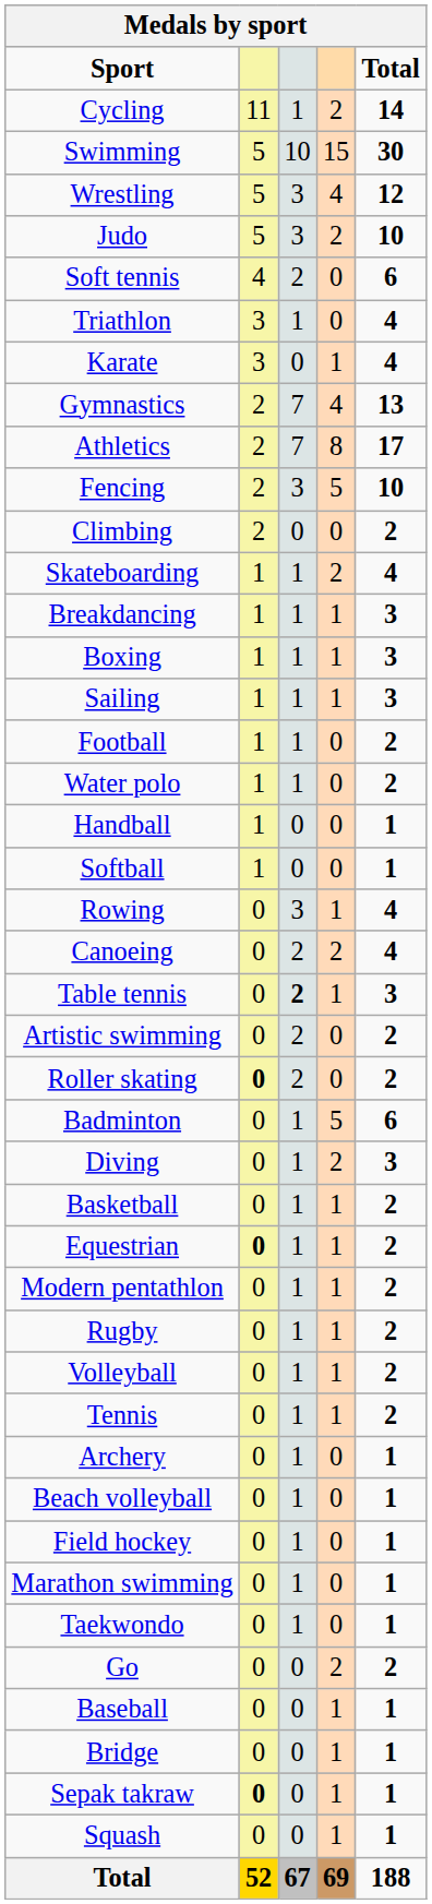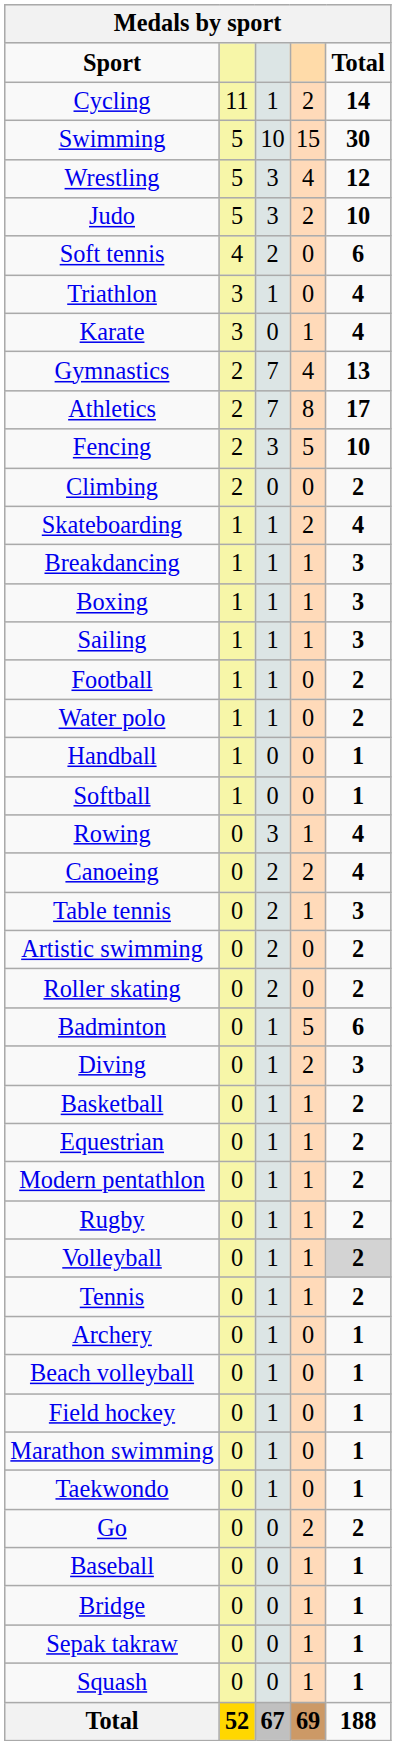 <table class=wikitable style="text-align:center">
 <tr style="background:#EFEFEF">
 <th colspan=7>Medals by sport</th>
 </tr>
 <tr>
 <td><strong>Sport</strong></td>
 <td style="background:#F7F6A8"></td>
 <td style="background:#DCE5E5"></td>
 <td style="background:#FFDBA9"></td>
 <td><strong>Total</strong></td>
 </tr>
 <tr>
 <td><a href='#'>Cycling</a></td>
 <td style="background:#F7F6A8">11</td>
 <td style="background:#DCE5E5">1</td>
 <td style="background:#FFDAB9">2</td>
 <td><strong>14</strong></td>
 </tr>
 <tr>
 <td><a href='#'>Swimming</a></td>
 <td style="background:#F7F6A8">5</td>
 <td style="background:#DCE5E5">10</td>
 <td style="background:#FFDAB9">15</td>
 <td><strong>30</strong></td>
 </tr>
 <tr>
 <td><a href='#'>Wrestling</a></td>
 <td style="background:#F7F6A8">5</td>
 <td style="background:#DCE5E5">3</td>
 <td style="background:#FFDAB9">4</td>
 <td><strong>12</strong></td>
 </tr>
 <tr>
 <td><a href='#'>Judo</a></td>
 <td style="background:#F7F6A8">5</td>
 <td style="background:#DCE5E5">3</td>
 <td style="background:#FFDAB9">2</td>
 <td><strong>10</strong></td>
 </tr>
 <tr>
 <td><a href='#'>Soft tennis</a></td>
 <td style="background:#F7F6A8">4</td>
 <td style="background:#DCE5E5">2</td>
 <td style="background:#FFDAB9">0</td>
 <td><strong>6</strong></td>
 </tr>
 <tr>
 <td><a href='#'>Triathlon</a></td>
 <td style="background:#F7F6A8">3</td>
 <td style="background:#DCE5E5">1</td>
 <td style="background:#FFDAB9">0</td>
 <td><strong>4</strong></td>
 </tr>
 <tr>
 <td><a href='#'>Karate</a></td>
 <td style="background:#F7F6A8">3</td>
 <td style="background:#DCE5E5">0</td>
 <td style="background:#FFDAB9">1</td>
 <td><strong>4</strong></td>
 </tr>
 <tr>
 <td><a href='#'>Gymnastics</a></td>
 <td style="background:#F7F6A8">2</td>
 <td style="background:#DCE5E5">7</td>
 <td style="background:#FFDAB9">4</td>
 <td><strong>13</strong></td>
 </tr>
 <tr>
 <td><a href='#'>Athletics</a></td>
 <td style="background:#F7F6A8">2</td>
 <td style="background:#DCE5E5">7</td>
 <td style="background:#FFDAB9">8</td>
 <td><strong>17</strong></td>
 </tr>
 <tr>
 <td><a href='#'>Fencing</a></td>
 <td style="background:#F7F6A8">2</td>
 <td style="background:#DCE5E5">3</td>
 <td style="background:#FFDAB9">5</td>
 <td><strong>10</strong></td>
 </tr>
 <tr>
 <td><a href='#'>Climbing</a></td>
 <td style="background:#F7F6A8">2</td>
 <td style="background:#DCE5E5">0</td>
 <td style="background:#FFDAB9">0</td>
 <td><strong>2</strong></td>
 </tr>
 <tr>
 <td><a href='#'>Skateboarding</a></td>
 <td style="background:#F7F6A8">1</td>
 <td style="background:#DCE5E5">1</td>
 <td style="background:#FFDAB9">2</td>
 <td><strong>4</strong></td>
 </tr>
 <tr>
 <td><a href='#'>Breakdancing</a></td>
 <td style="background:#F7F6A8">1</td>
 <td style="background:#DCE5E5">1</td>
 <td style="background:#FFDAB9">1</td>
 <td><strong>3</strong></td>
 </tr>
 <tr>
 <td><a href='#'>Boxing</a></td>
 <td style="background:#F7F6A8">1</td>
 <td style="background:#DCE5E5">1</td>
 <td style="background:#FFDAB9">1</td>
 <td><strong>3</strong></td>
 </tr>
 <tr>
 <td><a href='#'>Sailing</a></td>
 <td style="background:#F7F6A8">1</td>
 <td style="background:#DCE5E5">1</td>
 <td style="background:#FFDAB9">1</td>
 <td><strong>3</strong></td>
 </tr>
 <tr>
 <td><a href='#'>Football</a></td>
 <td style="background:#F7F6A8">1</td>
 <td style="background:#DCE5E5">1</td>
 <td style="background:#FFDAB9">0</td>
 <td><strong>2</strong></td>
 </tr>
 <tr>
 <td><a href='#'>Water polo</a></td>
 <td style="background:#F7F6A8">1</td>
 <td style="background:#DCE5E5">1</td>
 <td style="background:#FFDAB9">0</td>
 <td><strong>2</strong></td>
 </tr>
 <tr>
 <td><a href='#'>Handball</a></td>
 <td style="background:#F7F6A8">1</td>
 <td style="background:#DCE5E5">0</td>
 <td style="background:#FFDAB9">0</td>
 <td><strong>1</strong></td>
 </tr>
 <tr>
 <td><a href='#'>Softball</a></td>
 <td style="background:#F7F6A8">1</td>
 <td style="background:#DCE5E5">0</td>
 <td style="background:#FFDAB9">0</td>
 <td><strong>1</strong></td>
 </tr>
 <tr>
 <td><a href='#'>Rowing</a></td>
 <td style="background:#F7F6A8">0</td>
 <td style="background:#DCE5E5">3</td>
 <td style="background:#FFDAB9">1</td>
 <td><strong>4</strong></td>
 </tr>
 <tr>
 <td><a href='#'>Canoeing</a></td>
 <td style="background:#F7F6A8">0</td>
 <td style="background:#DCE5E5">2</td>
 <td style="background:#FFDAB9">2</td>
 <td><strong>4</strong></td>
 </tr>
 <tr>
 <td><a href='#'>Table tennis</a></td>
 <td style="background:#F7F6A8">0</td>
-<td style="background:#DCE5E5"><strong>2</strong></td>
+<td style="background:#DCE5E5">2</td>
 <td style="background:#FFDAB9">1</td>
 <td><strong>3</strong></td>
 </tr>
 <tr>
 <td><a href='#'>Artistic swimming</a></td>
 <td style="background:#F7F6A8">0</td>
 <td style="background:#DCE5E5">2</td>
 <td style="background:#FFDAB9">0</td>
 <td><strong>2</strong></td>
 </tr>
 <tr>
 <td><a href='#'>Roller skating</a></td>
-<td style="background:#F7F6A8"><strong>0</strong></td>
+<td style="background:#F7F6A8">0</td>
 <td style="background:#DCE5E5">2</td>
 <td style="background:#FFDAB9">0</td>
 <td><strong>2</strong></td>
 </tr>
 <tr>
 <td><a href='#'>Badminton</a></td>
 <td style="background:#F7F6A8">0</td>
 <td style="background:#DCE5E5">1</td>
 <td style="background:#FFDAB9">5</td>
 <td><strong>6</strong></td>
 </tr>
 <tr>
 <td><a href='#'>Diving</a></td>
 <td style="background:#F7F6A8">0</td>
 <td style="background:#DCE5E5">1</td>
 <td style="background:#FFDAB9">2</td>
 <td><strong>3</strong></td>
 </tr>
 <tr>
 <td><a href='#'>Basketball</a></td>
 <td style="background:#F7F6A8">0</td>
 <td style="background:#DCE5E5">1</td>
 <td style="background:#FFDAB9">1</td>
 <td><strong>2</strong></td>
 </tr>
 <tr>
 <td><a href='#'>Equestrian</a></td>
-<td style="background:#F7F6A8"><strong>0</strong></td>
+<td style="background:#F7F6A8">0</td>
 <td style="background:#DCE5E5">1</td>
 <td style="background:#FFDAB9">1</td>
 <td><strong>2</strong></td>
 </tr>
 <tr>
 <td><a href='#'>Modern pentathlon</a></td>
 <td style="background:#F7F6A8">0</td>
 <td style="background:#DCE5E5">1</td>
 <td style="background:#FFDAB9">1</td>
 <td><strong>2</strong></td>
 </tr>
 <tr>
 <td><a href='#'>Rugby</a></td>
 <td style="background:#F7F6A8">0</td>
 <td style="background:#DCE5E5">1</td>
 <td style="background:#FFDAB9">1</td>
 <td><strong>2</strong></td>
 </tr>
 <tr>
 <td><a href='#'>Volleyball</a></td>
 <td style="background:#F7F6A8">0</td>
 <td style="background:#DCE5E5">1</td>
 <td style="background:#FFDAB9">1</td>
-<td><strong>2</strong></td>
+<td style="background: lightgrey;"><strong>2</strong></td>
 </tr>
 <tr>
 <td><a href='#'>Tennis</a></td>
 <td style="background:#F7F6A8">0</td>
 <td style="background:#DCE5E5">1</td>
 <td style="background:#FFDAB9">1</td>
 <td><strong>2</strong></td>
 </tr>
 <tr>
 <td><a href='#'>Archery</a></td>
 <td style="background:#F7F6A8">0</td>
 <td style="background:#DCE5E5">1</td>
 <td style="background:#FFDAB9">0</td>
 <td><strong>1</strong></td>
 </tr>
 <tr>
 <td><a href='#'>Beach volleyball</a></td>
 <td style="background:#F7F6A8">0</td>
 <td style="background:#DCE5E5">1</td>
 <td style="background:#FFDAB9">0</td>
 <td><strong>1</strong></td>
 </tr>
 <tr>
 <td><a href='#'>Field hockey</a></td>
 <td style="background:#F7F6A8">0</td>
 <td style="background:#DCE5E5">1</td>
 <td style="background:#FFDAB9">0</td>
 <td><strong>1</strong></td>
 </tr>
 <tr>
 <td><a href='#'>Marathon swimming</a></td>
 <td style="background:#F7F6A8">0</td>
 <td style="background:#DCE5E5">1</td>
 <td style="background:#FFDAB9">0</td>
 <td><strong>1</strong></td>
 </tr>
 <tr>
 <td><a href='#'>Taekwondo</a></td>
 <td style="background:#F7F6A8">0</td>
 <td style="background:#DCE5E5">1</td>
 <td style="background:#FFDAB9">0</td>
 <td><strong>1</strong></td>
 </tr>
 <tr>
 <td><a href='#'>Go</a></td>
 <td style="background:#F7F6A8">0</td>
 <td style="background:#DCE5E5">0</td>
 <td style="background:#FFDAB9">2</td>
 <td><strong>2</strong></td>
 </tr>
 <tr>
 <td><a href='#'>Baseball</a></td>
 <td style="background:#F7F6A8">0</td>
 <td style="background:#DCE5E5">0</td>
 <td style="background:#FFDAB9">1</td>
 <td><strong>1</strong></td>
 </tr>
 <tr>
 <td><a href='#'>Bridge</a></td>
 <td style="background:#F7F6A8">0</td>
 <td style="background:#DCE5E5">0</td>
 <td style="background:#FFDAB9">1</td>
 <td><strong>1</strong></td>
 </tr>
 <tr>
 <td><a href='#'>Sepak takraw</a></td>
-<td style="background:#F7F6A8"><strong>0</strong></td>
+<td style="background:#F7F6A8">0</td>
 <td style="background:#DCE5E5">0</td>
 <td style="background:#FFDAB9">1</td>
 <td><strong>1</strong></td>
 </tr>
 <tr>
 <td><a href='#'>Squash</a></td>
 <td style="background:#F7F6A8">0</td>
 <td style="background:#DCE5E5">0</td>
 <td style="background:#FFDAB9">1</td>
 <td><strong>1</strong></td>
 </tr>
 <tr>
 <th>Total</th>
 <td style="background:gold;"><strong>52</strong></td>
 <td style="background:silver;"><strong>67</strong></td>
 <td style="background:#c96;"><strong>69</strong></td>
 <td><strong>188</strong></td>
 </tr>
 </table>
